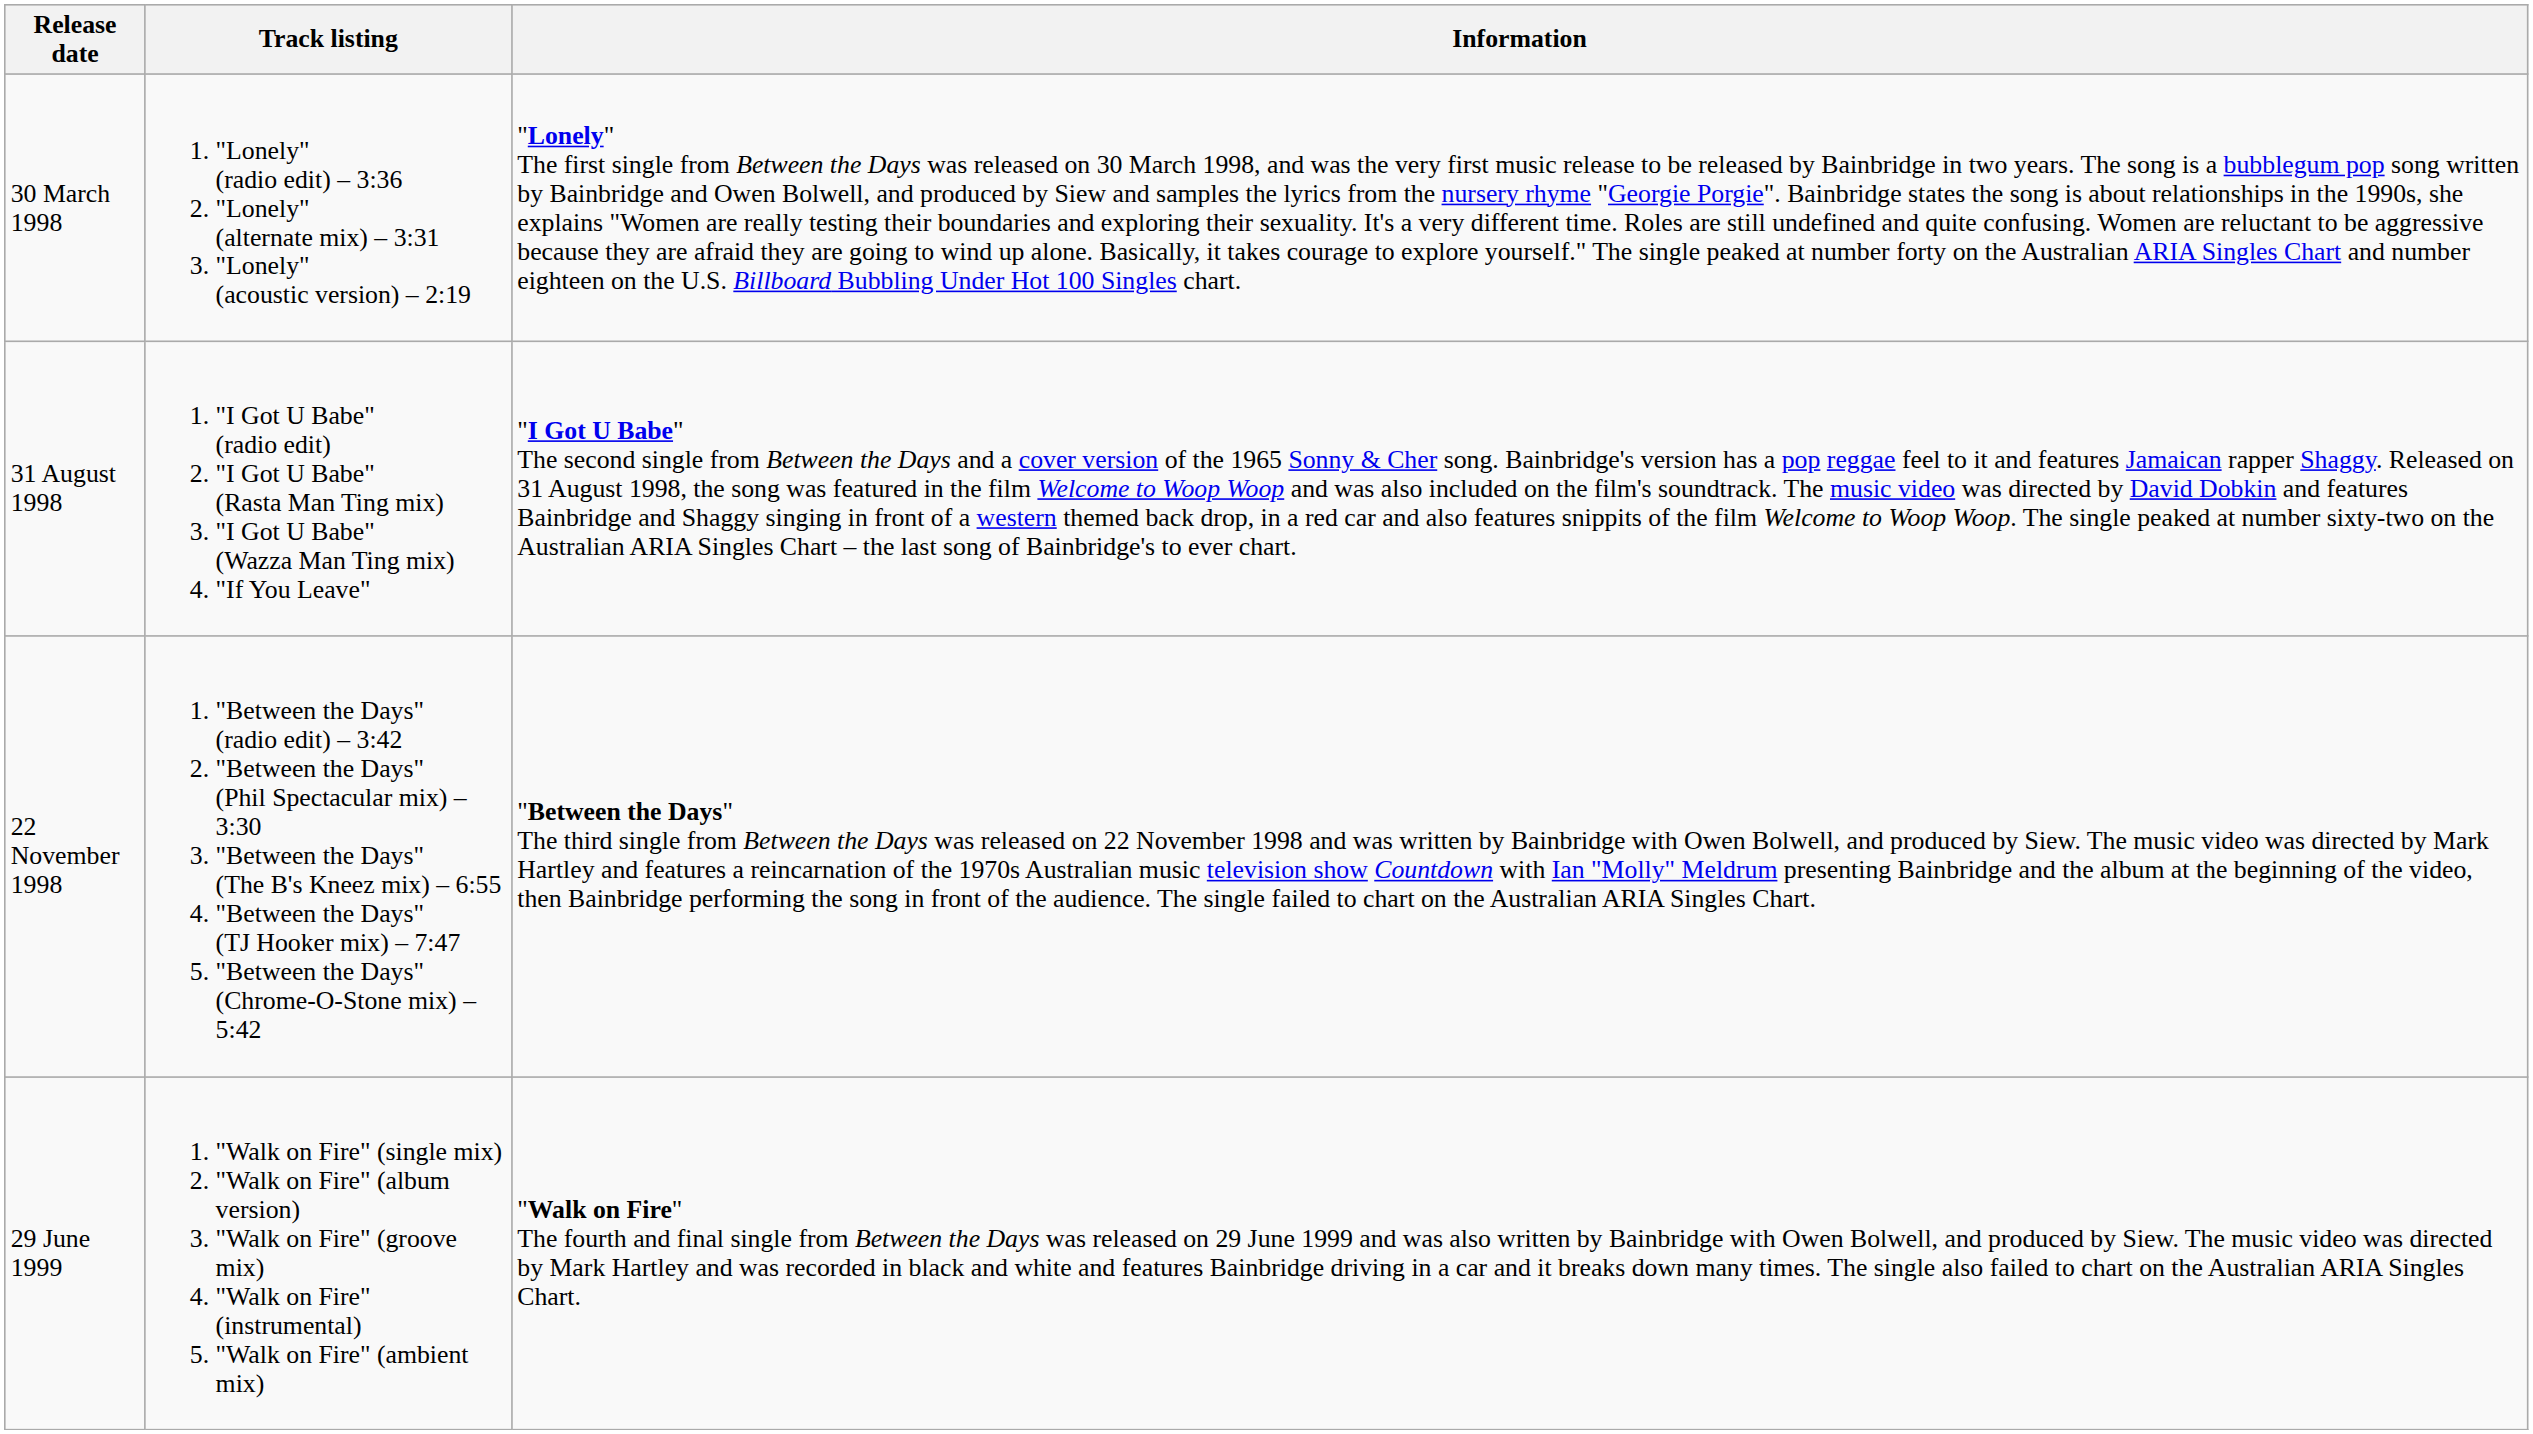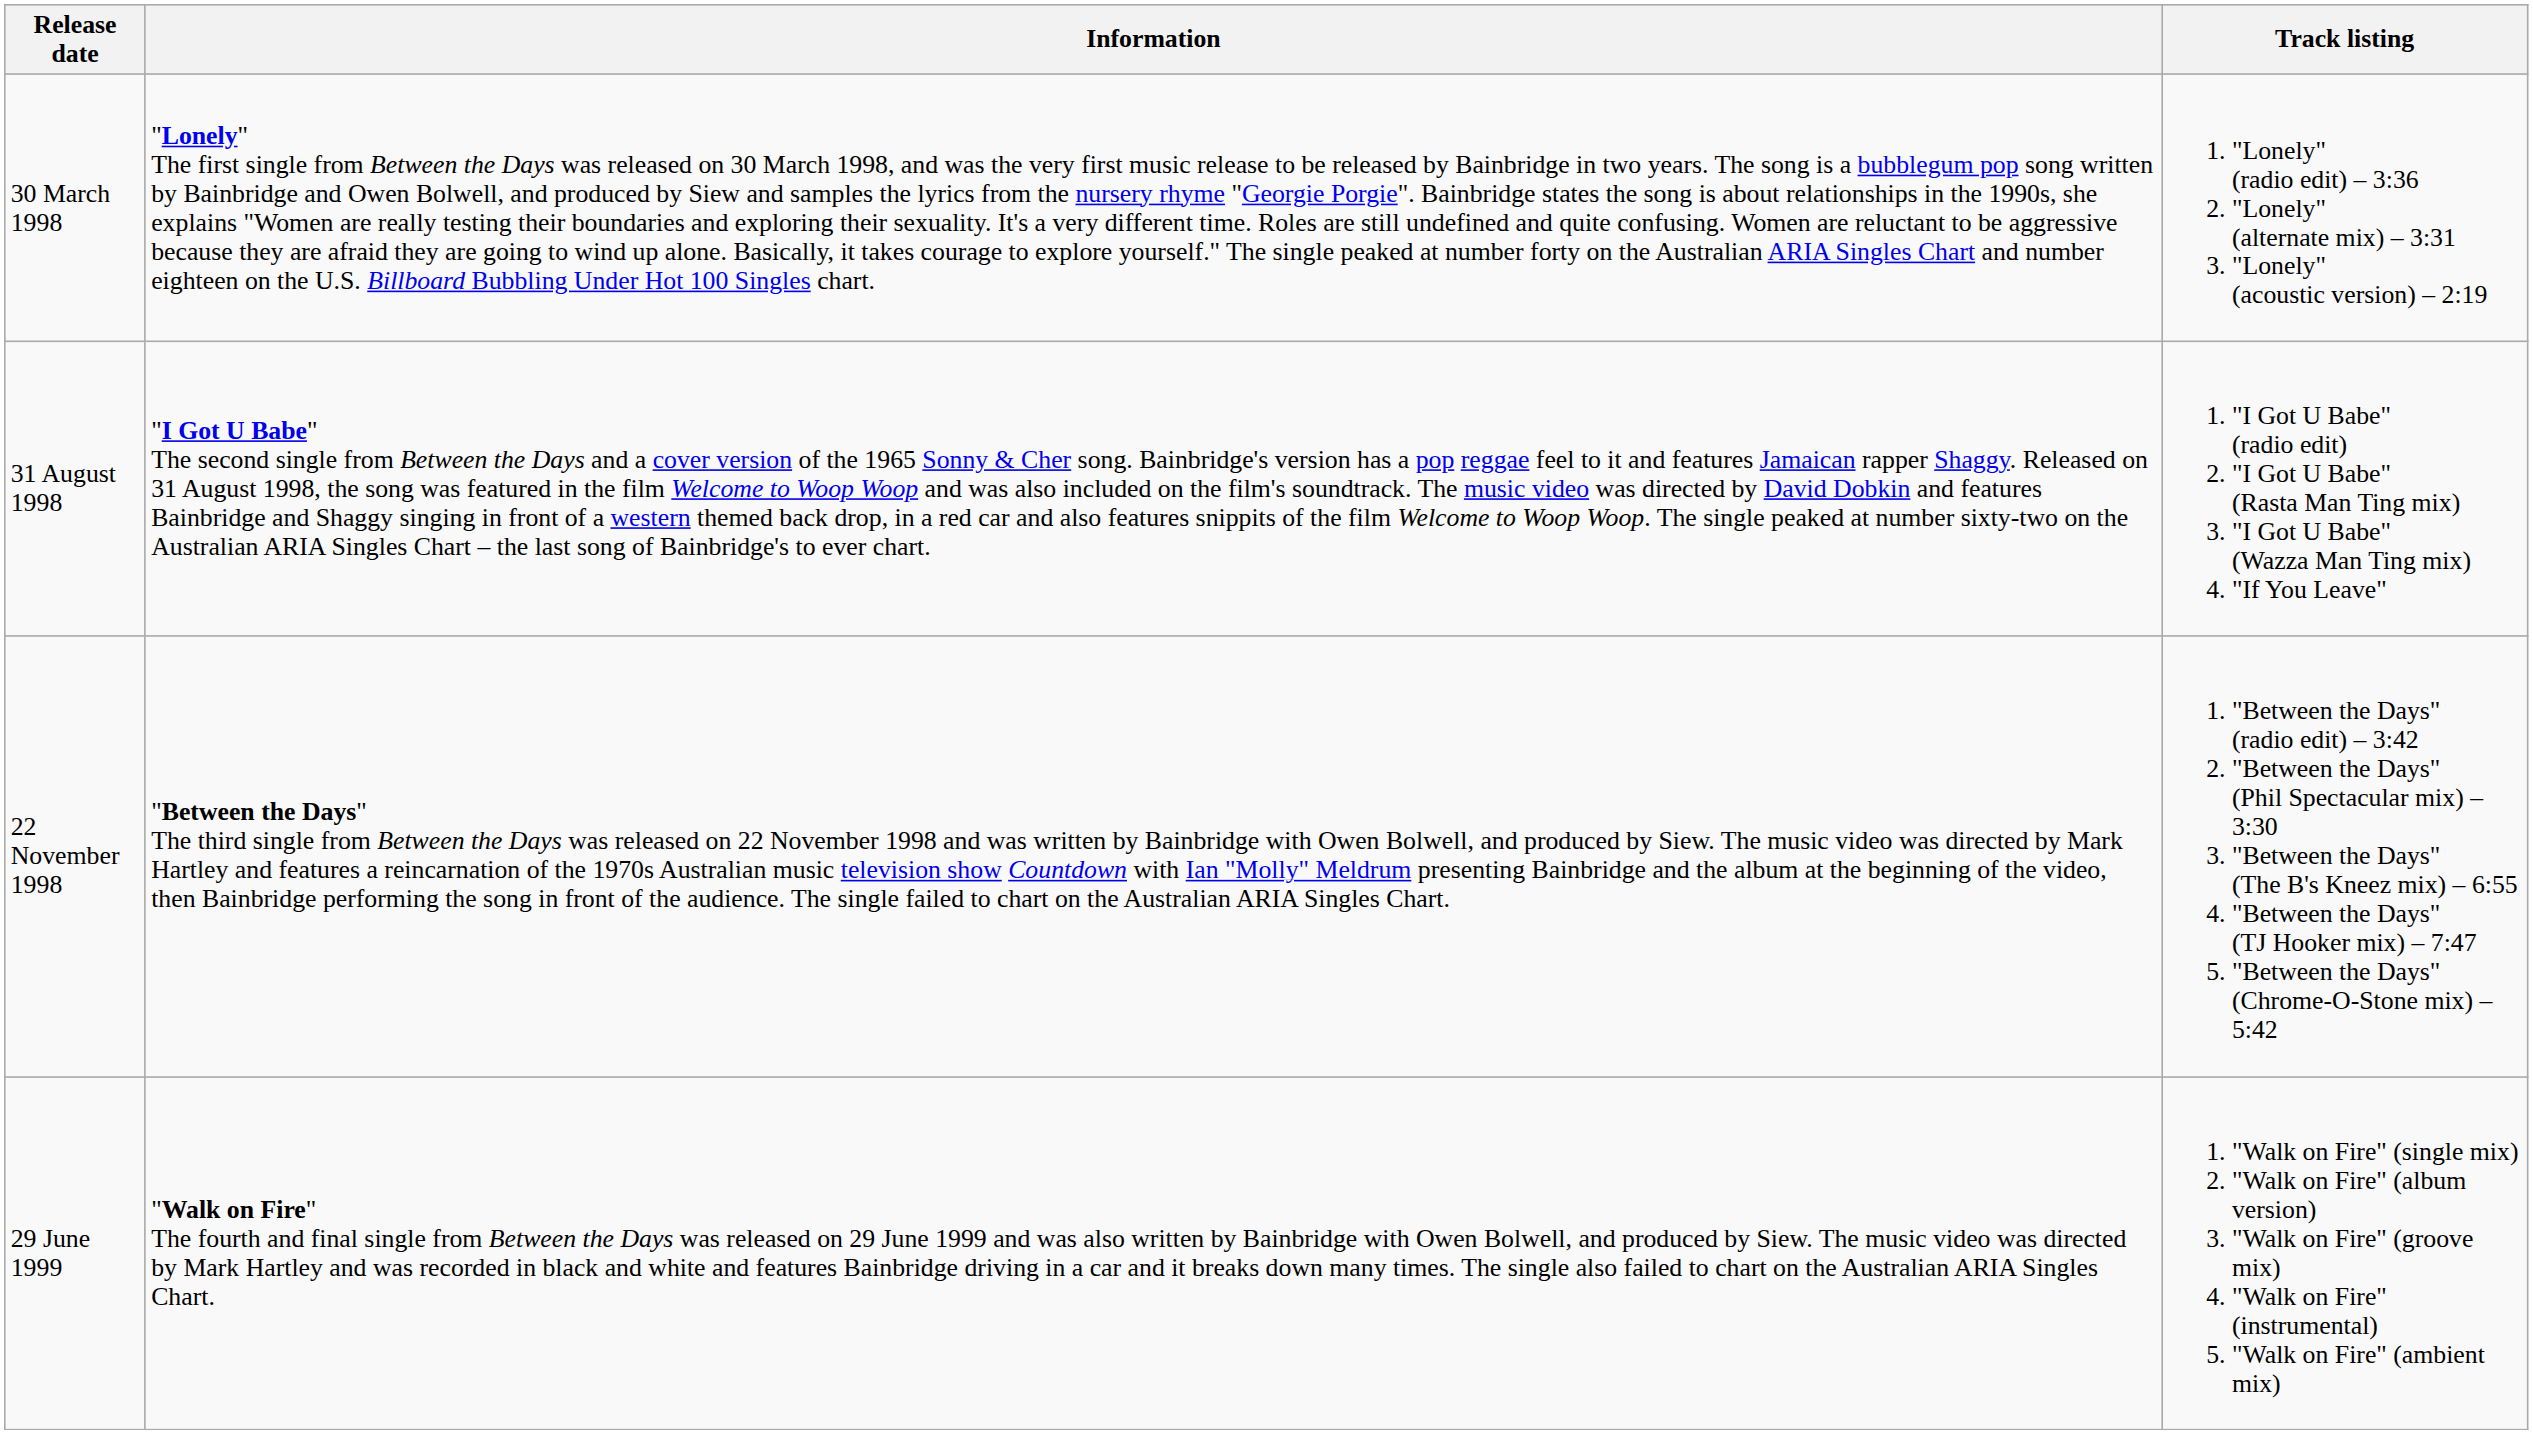 <table class="wikitable">
 <tr>
 <th>Release date</th>
+<th>Information</th>
 <th width=220>Track listing</th>
-<th>Information</th>
 </tr>
 <tr>
 <td>30 March 1998</td>
+<td>"<strong><a href='#'>Lonely</a></strong>"<br> The first single from <em>Between the Days</em> was released on 30 March 1998, and was the very first music release to be released by Bainbridge in two years. The song is a <a href='#'>bubblegum pop</a> song written by Bainbridge and Owen Bolwell, and produced by Siew and samples the lyrics from the <a href='#'>nursery rhyme</a> "<a href='#'>Georgie Porgie</a>". Bainbridge states the song is about relationships in the 1990s, she explains "Women are really testing their boundaries and exploring their sexuality. It's a very different time. Roles are still undefined and quite confusing. Women are reluctant to be aggressive because they are afraid they are going to wind up alone. Basically, it takes courage to explore yourself." The single peaked at number forty on the Australian <a href='#'>ARIA Singles Chart</a> and number eighteen on the U.S. <a href='#'><em>Billboard</em> Bubbling Under Hot 100 Singles</a> chart.</td>
 <td><br><ol><li>"Lonely" <br>(radio edit) – 3:36</li><li>"Lonely" <br>(alternate mix) – 3:31</li><li>"Lonely" <br>(acoustic version) – 2:19</li></ol></td>
-<td>"<strong><a href='#'>Lonely</a></strong>"<br> The first single from <em>Between the Days</em> was released on 30 March 1998, and was the very first music release to be released by Bainbridge in two years. The song is a <a href='#'>bubblegum pop</a> song written by Bainbridge and Owen Bolwell, and produced by Siew and samples the lyrics from the <a href='#'>nursery rhyme</a> "<a href='#'>Georgie Porgie</a>". Bainbridge states the song is about relationships in the 1990s, she explains "Women are really testing their boundaries and exploring their sexuality. It's a very different time. Roles are still undefined and quite confusing. Women are reluctant to be aggressive because they are afraid they are going to wind up alone. Basically, it takes courage to explore yourself." The single peaked at number forty on the Australian <a href='#'>ARIA Singles Chart</a> and number eighteen on the U.S. <a href='#'><em>Billboard</em> Bubbling Under Hot 100 Singles</a> chart.</td>
 </tr>
 <tr>
 <td>31 August 1998</td>
+<td>"<strong><a href='#'>I Got U Babe</a></strong>"<br> The second single from <em>Between the Days</em> and a <a href='#'>cover version</a> of the 1965 <a href='#'>Sonny & Cher</a> song. Bainbridge's version has a <a href='#'>pop</a> <a href='#'>reggae</a> feel to it and features <a href='#'>Jamaican</a> rapper <a href='#'>Shaggy</a>. Released on 31 August 1998, the song was featured in the film <em><a href='#'>Welcome to Woop Woop</a></em> and was also included on the film's soundtrack. The <a href='#'>music video</a> was directed by <a href='#'>David Dobkin</a> and features Bainbridge and Shaggy singing in front of a <a href='#'>western</a> themed back drop, in a red car and also features snippits of the film <em>Welcome to Woop Woop</em>. The single peaked at number sixty-two on the Australian ARIA Singles Chart – the last song of Bainbridge's to ever chart.</td>
 <td><br><ol><li>"I Got U Babe" <br>(radio edit)</li><li>"I Got U Babe" <br>(Rasta Man Ting mix)</li><li>"I Got U Babe" <br>(Wazza Man Ting mix)</li><li>"If You Leave"</li></ol></td>
-<td>"<strong><a href='#'>I Got U Babe</a></strong>"<br> The second single from <em>Between the Days</em> and a <a href='#'>cover version</a> of the 1965 <a href='#'>Sonny & Cher</a> song. Bainbridge's version has a <a href='#'>pop</a> <a href='#'>reggae</a> feel to it and features <a href='#'>Jamaican</a> rapper <a href='#'>Shaggy</a>. Released on 31 August 1998, the song was featured in the film <em><a href='#'>Welcome to Woop Woop</a></em> and was also included on the film's soundtrack. The <a href='#'>music video</a> was directed by <a href='#'>David Dobkin</a> and features Bainbridge and Shaggy singing in front of a <a href='#'>western</a> themed back drop, in a red car and also features snippits of the film <em>Welcome to Woop Woop</em>. The single peaked at number sixty-two on the Australian ARIA Singles Chart – the last song of Bainbridge's to ever chart.</td>
 </tr>
 <tr>
 <td>22 November 1998</td>
+<td>"<strong>Between the Days</strong>"<br> The third single from <em>Between the Days</em> was released on 22 November 1998 and was written by Bainbridge with Owen Bolwell, and produced by Siew. The music video was directed by Mark Hartley and features a reincarnation of the 1970s Australian music <a href='#'>television show</a> <em><a href='#'>Countdown</a></em> with <a href='#'>Ian "Molly" Meldrum</a> presenting Bainbridge and the album at the beginning of the video, then Bainbridge performing the song in front of the audience. The single failed to chart on the Australian ARIA Singles Chart.</td>
 <td><br><ol><li>"Between the Days" <br>(radio edit) – 3:42</li><li>"Between the Days" <br>(Phil Spectacular mix) – 3:30</li><li>"Between the Days" <br>(The B's Kneez mix) – 6:55</li><li>"Between the Days" <br>(TJ Hooker mix) – 7:47</li><li>"Between the Days" <br>(Chrome-O-Stone mix) – 5:42</li></ol></td>
-<td>"<strong>Between the Days</strong>"<br> The third single from <em>Between the Days</em> was released on 22 November 1998 and was written by Bainbridge with Owen Bolwell, and produced by Siew. The music video was directed by Mark Hartley and features a reincarnation of the 1970s Australian music <a href='#'>television show</a> <em><a href='#'>Countdown</a></em> with <a href='#'>Ian "Molly" Meldrum</a> presenting Bainbridge and the album at the beginning of the video, then Bainbridge performing the song in front of the audience. The single failed to chart on the Australian ARIA Singles Chart.</td>
 </tr>
 <tr>
 <td>29 June 1999</td>
+<td>"<strong>Walk on Fire</strong>"<br> The fourth and final single from <em>Between the Days</em> was released on 29 June 1999 and was also written by Bainbridge with Owen Bolwell, and produced by Siew. The music video was directed by Mark Hartley and was recorded in black and white and features Bainbridge driving in a car and it breaks down many times. The single also failed to chart on the Australian ARIA Singles Chart.</td>
 <td><br><ol><li>"Walk on Fire" (single mix)</li><li>"Walk on Fire" (album version)</li><li>"Walk on Fire" (groove mix)</li><li>"Walk on Fire" (instrumental)</li><li>"Walk on Fire" (ambient mix)</li></ol></td>
-<td>"<strong>Walk on Fire</strong>"<br> The fourth and final single from <em>Between the Days</em> was released on 29 June 1999 and was also written by Bainbridge with Owen Bolwell, and produced by Siew. The music video was directed by Mark Hartley and was recorded in black and white and features Bainbridge driving in a car and it breaks down many times. The single also failed to chart on the Australian ARIA Singles Chart.</td>
 </tr>
 </table>
